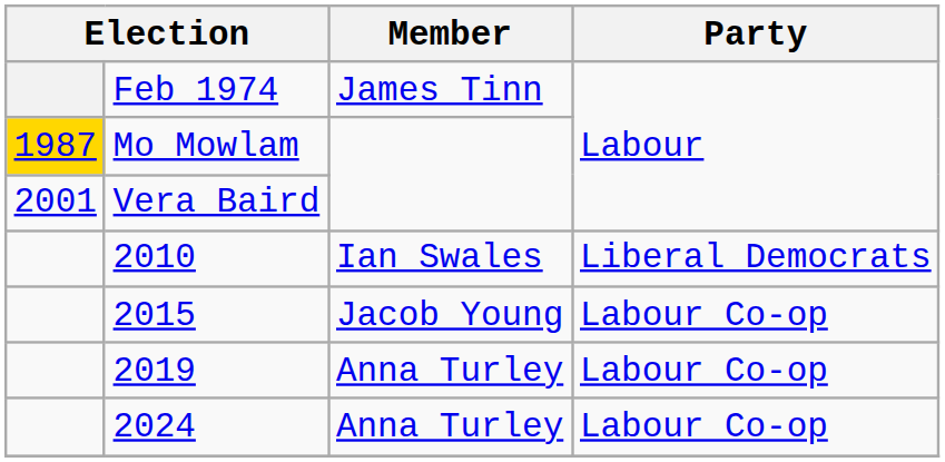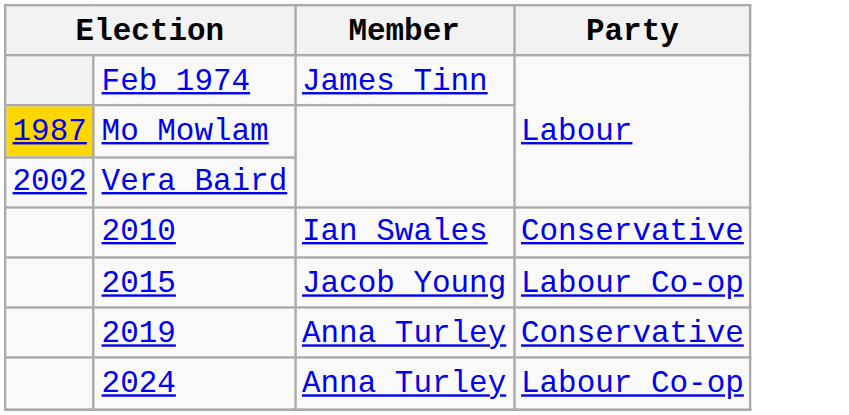 <table class="wikitable">
 <tr>
 <th colspan="2">Election</th>
 <th>Member</th>
 <th>Party</th>
 </tr>
 <tr>
 <th style="color:inherit;background-color: "></th>
 <td><a href='#'>Feb 1974</a></td>
 <td><a href='#'>James Tinn</a></td>
 <td rowspan="3"><a href='#'>Labour</a></td>
 </tr>
 <tr>
 <td style="background: gold;"><a href='#'>1987</a></td>
 <td><a href='#'>Mo Mowlam</a></td>
 </tr>
 <tr>
-<td><a href='#'>2001</a></td>
+<td><a href='#'>2002</a></td>
 <td><a href='#'>Vera Baird</a></td>
 </tr>
 <tr>
 <td style="color:inherit;background-color: "></td>
 <td><a href='#'>2010</a></td>
 <td><a href='#'>Ian Swales</a></td>
-<td><a href='#'>Liberal Democrats</a></td>
+<td><a href='#'>Conservative</a></td>
 </tr>
 <tr>
 <td style="color:inherit;background-color: "></td>
 <td><a href='#'>2015</a></td>
 <td><a href='#'>Jacob Young</a></td>
 <td><a href='#'>Labour Co-op</a></td>
 </tr>
 <tr>
 <td style="color:inherit;background-color: "></td>
 <td><a href='#'>2019</a></td>
 <td><a href='#'>Anna Turley</a></td>
-<td><a href='#'>Labour Co-op</a></td>
+<td><a href='#'>Conservative</a></td>
 </tr>
 <tr>
 <td style="color:inherit;background-color: "></td>
 <td><a href='#'>2024</a></td>
 <td><a href='#'>Anna Turley</a></td>
 <td><a href='#'>Labour Co-op</a></td>
 </tr>
 <tr>
 </tr>
 </table>
